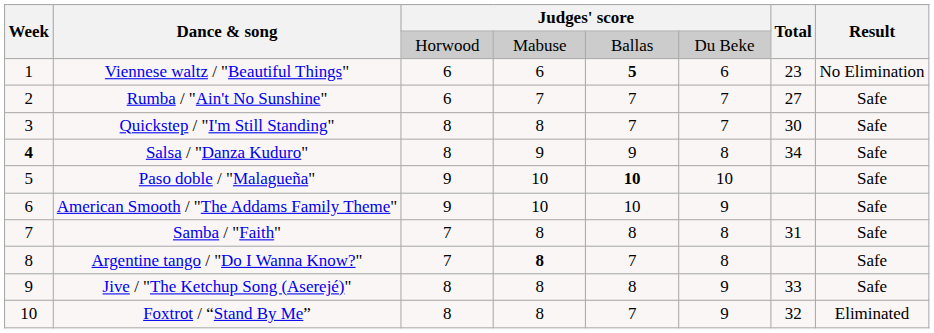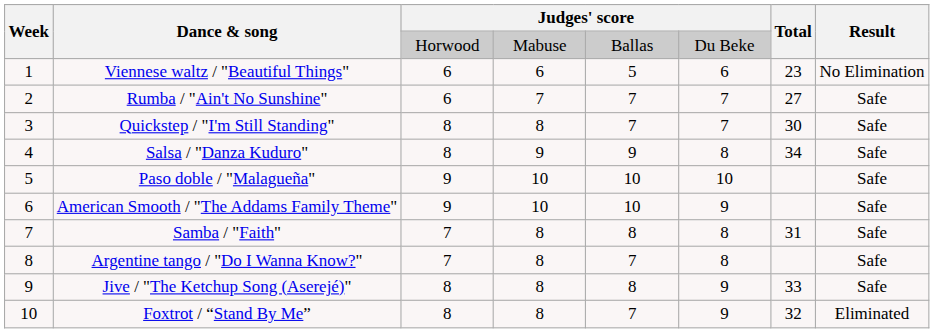 <table class="wikitable collapsible collapsed">
 <tr style="text-align:center; background:#ccc;">
 <th rowspan=2>Week</th>
 <th rowspan=2>Dance & song</th>
 <th colspan=4>Judges' score</th>
 <th rowspan=2>Total</th>
 <th rowspan=2>Result</th>
 </tr>
 <tr style="text-align:center; background:#ccc;">
 <td style="width:10%; ">Horwood</td>
 <td style="width:10%; ">Mabuse</td>
 <td style="width:10%; ">Ballas</td>
 <td style="width:10%; ">Du Beke</td>
 </tr>
 <tr style="text-align:center; background:#faf6f6;">
 <td>1</td>
 <td><a href='#'>Viennese waltz</a> / "<a href='#'>Beautiful Things</a>"</td>
 <td>6</td>
 <td>6</td>
-<td><strong>5</strong></td>
+<td>5</td>
 <td>6</td>
 <td>23</td>
 <td>No Elimination</td>
 </tr>
 <tr style="text-align:center; background:#faf6f6;">
 <td>2</td>
 <td><a href='#'>Rumba</a> / "<a href='#'>Ain't No Sunshine</a>"</td>
 <td>6</td>
 <td>7</td>
 <td>7</td>
 <td>7</td>
 <td>27</td>
 <td>Safe</td>
 </tr>
 <tr style="text-align:center; background:#faf6f6;">
 <td>3</td>
 <td><a href='#'>Quickstep</a> / "<a href='#'>I'm Still Standing</a>"</td>
 <td>8</td>
 <td>8</td>
 <td>7</td>
 <td>7</td>
 <td>30</td>
 <td>Safe</td>
 </tr>
 <tr style="text-align:center; background:#faf6f6;">
-<td><strong>4</strong></td>
+<td>4</td>
 <td><a href='#'>Salsa</a> / "<a href='#'>Danza Kuduro</a>"</td>
 <td>8</td>
 <td>9</td>
 <td>9</td>
 <td>8</td>
 <td>34</td>
 <td>Safe</td>
 </tr>
 <tr style="text-align:center; background:#faf6f6;">
 <td>5</td>
 <td><a href='#'>Paso doble</a> / "<a href='#'>Malagueña</a>"</td>
 <td>9</td>
 <td>10</td>
-<td><strong>10</strong></td>
+<td>10</td>
 <td>10</td>
 <td></td>
 <td>Safe</td>
 </tr>
 <tr style="text-align:center; background:#faf6f6;">
 <td>6</td>
 <td><a href='#'>American Smooth</a> / "<a href='#'>The Addams Family Theme</a>"</td>
 <td>9</td>
 <td>10</td>
 <td>10</td>
 <td>9</td>
 <td></td>
 <td>Safe</td>
 </tr>
 <tr style="text-align:center; background:#faf6f6;">
 <td>7</td>
 <td><a href='#'>Samba</a> / "<a href='#'>Faith</a>"</td>
 <td>7</td>
 <td>8</td>
 <td>8</td>
 <td>8</td>
 <td>31</td>
 <td>Safe</td>
 </tr>
 <tr style="text-align:center; background:#faf6f6;">
 <td>8</td>
 <td><a href='#'>Argentine tango</a> / "<a href='#'>Do I Wanna Know?</a>"</td>
 <td>7</td>
-<td><strong>8</strong></td>
+<td>8</td>
 <td>7</td>
 <td>8</td>
 <td><em></em></td>
 <td>Safe</td>
 </tr>
 <tr style="text-align:center; background:#faf6f6;">
 <td>9</td>
 <td><a href='#'>Jive</a> / "<a href='#'>The Ketchup Song (Aserejé)</a>"</td>
 <td>8</td>
 <td>8</td>
 <td>8</td>
 <td>9</td>
 <td>33</td>
 <td>Safe</td>
 </tr>
 <tr style="text-align:center; background:#faf6f6;">
 <td>10</td>
 <td><a href='#'>Foxtrot</a> / “<a href='#'>Stand By Me</a>”</td>
 <td>8</td>
 <td>8</td>
 <td>7</td>
 <td>9</td>
 <td>32</td>
 <td>Eliminated</td>
 </tr>
 </table>
